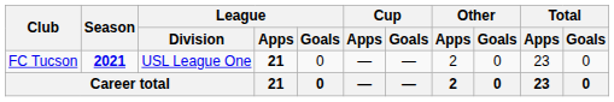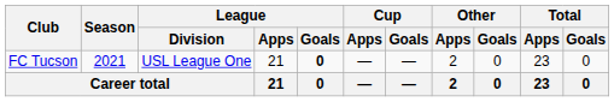 <table class=wikitable style=text-align:center>
 <tr>
 <th rowspan=2>Club</th>
 <th rowspan=2>Season</th>
 <th colspan=3>League</th>
 <th colspan=2>Cup</th>
 <th colspan=2>Other</th>
 <th colspan=2>Total</th>
 </tr>
 <tr>
 <th>Division</th>
 <th>Apps</th>
 <th>Goals</th>
 <th>Apps</th>
 <th>Goals</th>
 <th>Apps</th>
 <th>Goals</th>
 <th>Apps</th>
 <th>Goals</th>
 </tr>
 <tr>
 <td><a href='#'>FC Tucson</a></td>
-<td><strong><a href='#'>2021</a></strong></td>
+<td><a href='#'>2021</a></td>
 <td><a href='#'>USL League One</a></td>
-<td><strong>21</strong></td>
-<td>0</td>
+<td>21</td>
+<td><strong>0</strong></td>
 <td>—</td>
 <td>—</td>
 <td>2</td>
 <td>0</td>
 <td>23</td>
 <td>0</td>
 </tr>
 <tr>
 <th colspan=3>Career total</th>
 <th>21</th>
 <th>0</th>
 <th>—</th>
 <th>—</th>
 <th>2</th>
 <th>0</th>
 <th>23</th>
 <th>0</th>
 </tr>
 </table>
